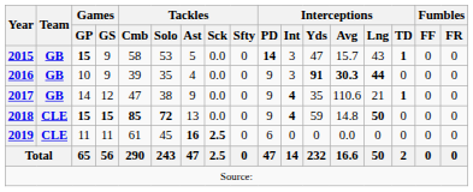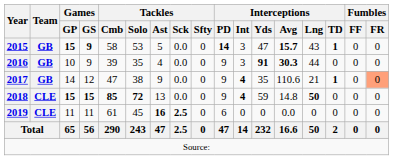 <table class="wikitable" style="text-align: center;">
 <tr>
 <th rowspan="2">Year</th>
 <th rowspan="2">Team</th>
 <th colspan="2">Games</th>
 <th colspan="5">Tackles</th>
 <th colspan="6">Interceptions</th>
 <th colspan="2">Fumbles</th>
 </tr>
 <tr>
 <th>GP</th>
 <th>GS</th>
 <th>Cmb</th>
 <th>Solo</th>
 <th>Ast</th>
 <th>Sck</th>
 <th>Sfty</th>
 <th>PD</th>
 <th>Int</th>
 <th>Yds</th>
 <th>Avg</th>
 <th>Lng</th>
 <th>TD</th>
 <th>FF</th>
 <th>FR</th>
 </tr>
 <tr>
 <th><a href='#'>2015</a></th>
 <th><a href='#'>GB</a></th>
 <td><strong>15</strong></td>
-<td>9</td>
+<td><strong>9</strong></td>
 <td>58</td>
 <td>53</td>
 <td>5</td>
 <td>0.0</td>
 <td>0</td>
 <td><strong>14</strong></td>
 <td>3</td>
 <td>47</td>
-<td>15.7</td>
+<td><strong>15.7</strong></td>
 <td>43</td>
 <td><strong>1</strong></td>
 <td>0</td>
 <td>0</td>
 </tr>
 <tr>
 <th><a href='#'>2016</a></th>
 <th><a href='#'>GB</a></th>
 <td>10</td>
 <td>9</td>
 <td>39</td>
 <td>35</td>
 <td>4</td>
 <td>0.0</td>
 <td>0</td>
 <td>9</td>
 <td>3</td>
 <td><strong>91</strong></td>
 <td><strong>30.3</strong></td>
-<td><strong>44</strong></td>
+<td>44</td>
 <td>0</td>
 <td>0</td>
 <td>0</td>
 </tr>
 <tr>
 <th><a href='#'>2017</a></th>
 <th><a href='#'>GB</a></th>
 <td>14</td>
 <td>12</td>
 <td>47</td>
 <td>38</td>
 <td>9</td>
 <td>0.0</td>
 <td>0</td>
 <td>9</td>
 <td><strong>4</strong></td>
 <td>35</td>
 <td>110.6</td>
 <td>21</td>
 <td><strong>1</strong></td>
 <td>0</td>
-<td>0</td>
+<td style="background: lightsalmon;">0</td>
 </tr>
 <tr>
 <th><a href='#'>2018</a></th>
 <th><a href='#'>CLE</a></th>
 <td><strong>15</strong></td>
 <td><strong>15</strong></td>
 <td><strong>85</strong></td>
 <td><strong>72</strong></td>
 <td>13</td>
 <td>0.0</td>
 <td>0</td>
 <td>9</td>
 <td><strong>4</strong></td>
 <td>59</td>
 <td>14.8</td>
 <td><strong>50</strong></td>
 <td>0</td>
 <td>0</td>
 <td>0</td>
 </tr>
 <tr>
 <th><a href='#'>2019</a></th>
 <th><a href='#'>CLE</a></th>
 <td>11</td>
 <td>11</td>
 <td>61</td>
 <td>45</td>
 <td><strong>16</strong></td>
 <td><strong>2.5</strong></td>
 <td>0</td>
 <td>6</td>
 <td>0</td>
 <td>0</td>
 <td>0.0</td>
 <td>0</td>
 <td>0</td>
 <td>0</td>
 <td>0</td>
 </tr>
 <tr>
 <th colspan="2">Total</th>
 <th>65</th>
 <th>56</th>
 <th>290</th>
 <th>243</th>
 <th>47</th>
 <th>2.5</th>
 <th>0</th>
 <th>47</th>
 <th>14</th>
 <th>232</th>
 <th>16.6</th>
 <th>50</th>
 <th>2</th>
 <th>0</th>
 <th>0</th>
 </tr>
 <tr>
 <td colspan="17"><small>Source: </small></td>
 </tr>
 </table>
